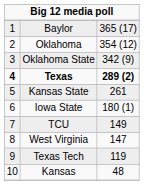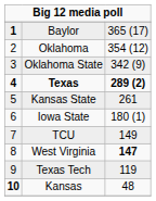 <table class="wikitable" style="display: inline-table;">
 <tr>
 <td align="center" Colspan="3"><strong>Big 12 media poll</strong></td>
 </tr>
 <tr align="center">
 </tr>
 <tr style="background:#eeeeee; "align="center">
-<td>1</td>
+<td><strong>1</strong></td>
 <td>Baylor</td>
 <td>365 (17)</td>
 </tr>
 <tr align="center">
 <td>2</td>
 <td>Oklahoma</td>
 <td>354 (12)</td>
 </tr>
 <tr style="background:#eeeeee; "align="center">
 <td>3</td>
 <td>Oklahoma State</td>
 <td>342 (9)</td>
 </tr>
 <tr align="center">
 <td><strong>4</strong></td>
 <td><strong>Texas</strong></td>
 <td><strong>289 (2)</strong></td>
 </tr>
 <tr style="background:#eeeeee; "align="center">
 <td>5</td>
 <td>Kansas State</td>
 <td>261</td>
 </tr>
 <tr align="center">
 <td>6</td>
 <td>Iowa State</td>
 <td>180 (1)</td>
 </tr>
 <tr style="background:#eeeeee; "align="center">
 <td>7</td>
 <td>TCU</td>
 <td>149</td>
 </tr>
 <tr align="center">
 <td>8</td>
 <td>West Virginia</td>
-<td>147</td>
+<td><strong>147</strong></td>
 </tr>
 <tr style="background:#eeeeee; "align="center">
 <td>9</td>
 <td>Texas Tech</td>
 <td>119</td>
 </tr>
 <tr align="center">
-<td>10</td>
+<td><strong>10</strong></td>
 <td>Kansas</td>
 <td>48</td>
 </tr>
 <tr>
 </tr>
 </table>
